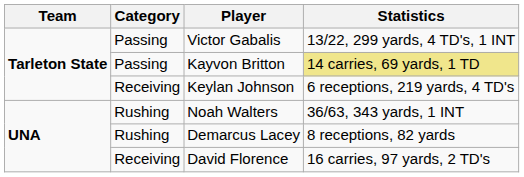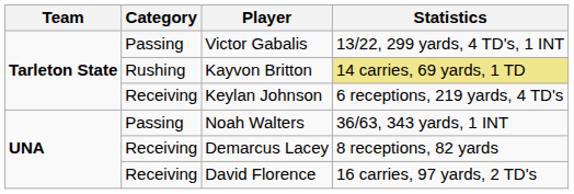 <table class="wikitable" style="float: right;">
 <tr>
 <th>Team</th>
 <th>Category</th>
 <th>Player</th>
 <th>Statistics</th>
 </tr>
 <tr>
 <td rowspan=3><strong>Tarleton State</strong></td>
 <td>Passing</td>
 <td>Victor Gabalis</td>
 <td>13/22, 299 yards, 4 TD's, 1 INT</td>
 </tr>
 <tr>
-<td>Passing</td>
+<td>Rushing</td>
 <td>Kayvon Britton</td>
 <td style="background: khaki;">14 carries, 69 yards, 1 TD</td>
 </tr>
 <tr>
 <td>Receiving</td>
 <td>Keylan Johnson</td>
 <td>6 receptions, 219 yards, 4 TD's</td>
 </tr>
 <tr>
 <td rowspan=3><strong>UNA</strong></td>
-<td>Rushing</td>
+<td>Passing</td>
 <td>Noah Walters</td>
 <td>36/63, 343 yards, 1 INT</td>
 </tr>
 <tr>
-<td>Rushing</td>
+<td>Receiving</td>
 <td>Demarcus Lacey</td>
 <td>8 receptions, 82 yards</td>
 </tr>
 <tr>
 <td>Receiving</td>
 <td>David Florence</td>
 <td>16 carries, 97 yards, 2 TD's</td>
 </tr>
 </table>
